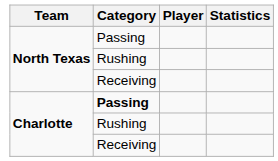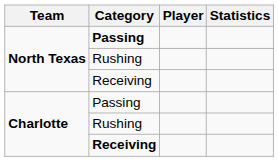 <table class="wikitable" style="float: right;">
 <tr>
 <th>Team</th>
 <th>Category</th>
 <th>Player</th>
 <th>Statistics</th>
 </tr>
 <tr>
 <td rowspan=3><strong>North Texas</strong></td>
-<td>Passing</td>
+<td><strong>Passing</strong></td>
 <td></td>
 <td></td>
 </tr>
 <tr>
 <td>Rushing</td>
 <td></td>
 <td></td>
 </tr>
 <tr>
 <td>Receiving</td>
 <td></td>
 <td></td>
 </tr>
 <tr>
 <td rowspan=3><strong>Charlotte</strong></td>
-<td><strong>Passing</strong></td>
+<td>Passing</td>
 <td></td>
 <td></td>
 </tr>
 <tr>
 <td>Rushing</td>
 <td></td>
 <td></td>
 </tr>
 <tr>
-<td>Receiving</td>
+<td><strong>Receiving</strong></td>
 <td></td>
 <td></td>
 </tr>
 </table>
